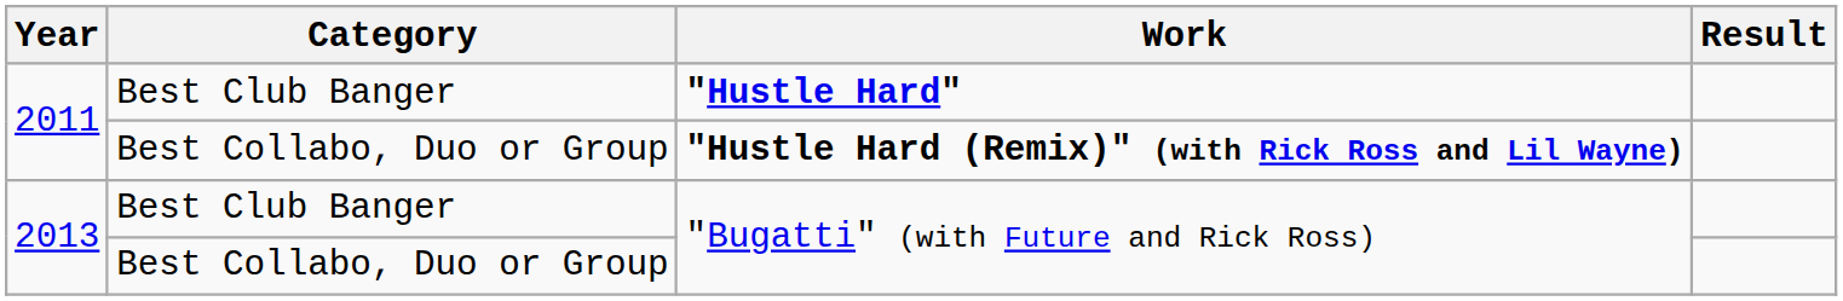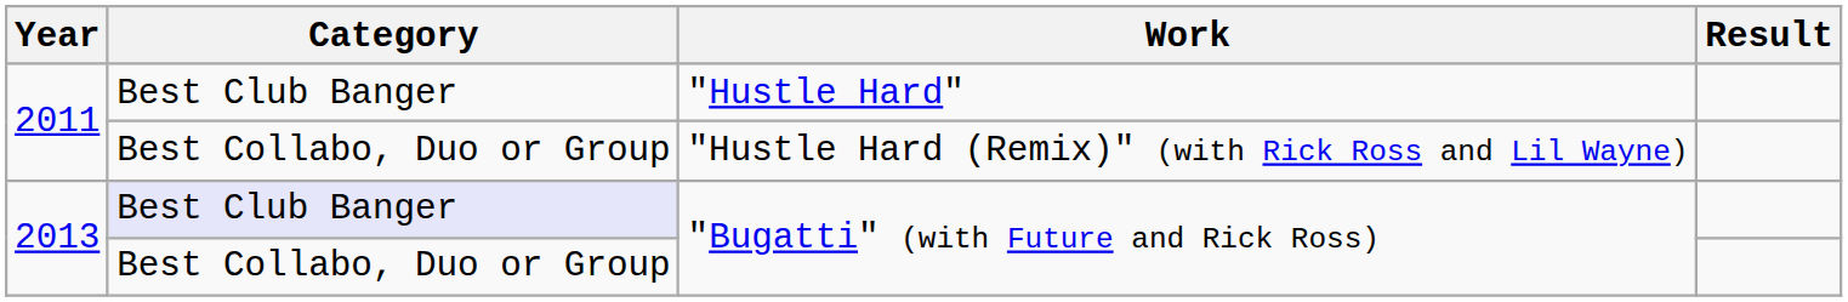 <table class="wikitable">
 <tr>
 <th>Year</th>
 <th>Category</th>
 <th>Work</th>
 <th>Result</th>
 </tr>
 <tr>
 <td rowspan="2"><a href='#'>2011</a></td>
 <td>Best Club Banger</td>
-<td><strong>"<a href='#'>Hustle Hard</a>"</strong></td>
+<td>"<a href='#'>Hustle Hard</a>"</td>
 <td></td>
 </tr>
 <tr>
 <td>Best Collabo, Duo or Group</td>
-<td><strong>"Hustle Hard (Remix)" <small>(with <a href='#'>Rick Ross</a> and <a href='#'>Lil Wayne</a>)</small></strong></td>
+<td>"Hustle Hard (Remix)" <small>(with <a href='#'>Rick Ross</a> and <a href='#'>Lil Wayne</a>)</small></td>
 <td></td>
 </tr>
 <tr>
 <td rowspan="2"><a href='#'>2013</a></td>
-<td>Best Club Banger</td>
+<td style="background: lavender;">Best Club Banger</td>
 <td rowspan="2">"<a href='#'>Bugatti</a>" <small>(with <a href='#'>Future</a> and Rick Ross)</small></td>
 <td></td>
 </tr>
 <tr>
 <td>Best Collabo, Duo or Group</td>
 <td></td>
 </tr>
 </table>
